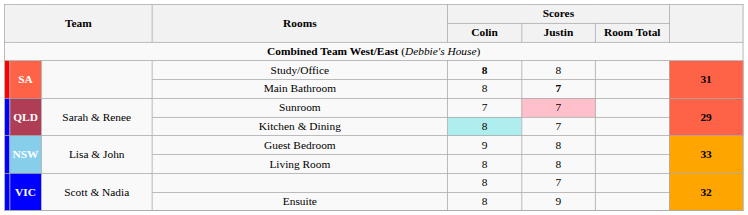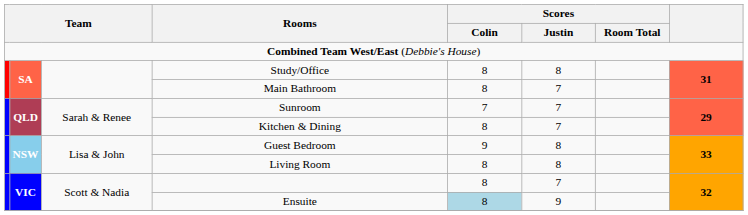 <table class="wikitable plainrowheaders" style="text-align:center; font-size:90%; width:65em;">
 <tr>
 <th colspan="3" rowspan="2">Team</th>
 <th rowspan="2" style="width:40%;">Rooms</th>
 <th colspan="3" style="width:40%;">Scores</th>
 <th rowspan="2" style="width:10%;"></th>
 </tr>
 <tr>
 <th style="width:10%;">Colin</th>
 <th style="width:10%;">Justin</th>
 <th style="width:10%;">Room Total</th>
 </tr>
 <tr>
 <td colspan="8" scope="col" style="width:10em;" scope="col" style="background:purple; color:white;"><strong>Combined Team West/East</strong> (<em>Debbie's House</em>)</td>
 </tr>
 <tr>
 <th rowspan="2" style="background:red; color:white;"></th>
 <th rowspan="2" style="background:tomato; color:white;">SA</th>
 <td rowspan="2" style="width:15%;"></td>
 <td>Study/Office</td>
-<td><strong>8</strong></td>
+<td>8</td>
 <td>8</td>
 <td></td>
 <td rowspan="2" style="background:tomato; color:black;"><strong>31</strong></td>
 </tr>
 <tr>
 <td>Main Bathroom</td>
 <td>8</td>
-<td><strong>7</strong></td>
+<td>7</td>
 <td></td>
 </tr>
 <tr>
 <th rowspan="2" style="background:blue; color:white;"></th>
 <th rowspan="2" style="background:#AF3D55; color:white;">QLD</th>
 <td rowspan="2" style="width:15%;">Sarah & Renee</td>
 <td>Sunroom</td>
 <td>7</td>
-<td style="background: pink;">7</td>
+<td>7</td>
 <td></td>
 <td rowspan="2" style="background:tomato; color:black;"><strong>29</strong></td>
 </tr>
 <tr>
 <td>Kitchen & Dining</td>
-<td style="background: paleturquoise;">8</td>
+<td>8</td>
 <td>7</td>
 <td></td>
 </tr>
 <tr>
 <th rowspan="2" style="background:blue; color:white;"></th>
 <th rowspan="2" style="background:skyblue; color:white;">NSW</th>
 <td rowspan="2" style="width:15%;">Lisa & John</td>
 <td>Guest Bedroom</td>
 <td>9</td>
 <td>8</td>
 <td></td>
 <td rowspan="2" style="background:orange; color:black;"><strong>33</strong></td>
 </tr>
 <tr>
 <td>Living Room</td>
 <td>8</td>
 <td>8</td>
 <td></td>
 </tr>
 <tr>
 <th rowspan="2" style="background:blue; color:white;"></th>
 <th rowspan="2" style="background:blue; color:white;">VIC</th>
 <td rowspan="2" style="width:15%;">Scott & Nadia</td>
 <td></td>
 <td>8</td>
 <td>7</td>
 <td></td>
 <td rowspan="2" style="background:orange; color:black;"><strong>32</strong></td>
 </tr>
 <tr>
 <td>Ensuite</td>
-<td>8</td>
+<td style="background: lightblue;">8</td>
 <td>9</td>
 <td></td>
 </tr>
 <tr>
 </tr>
 </table>
